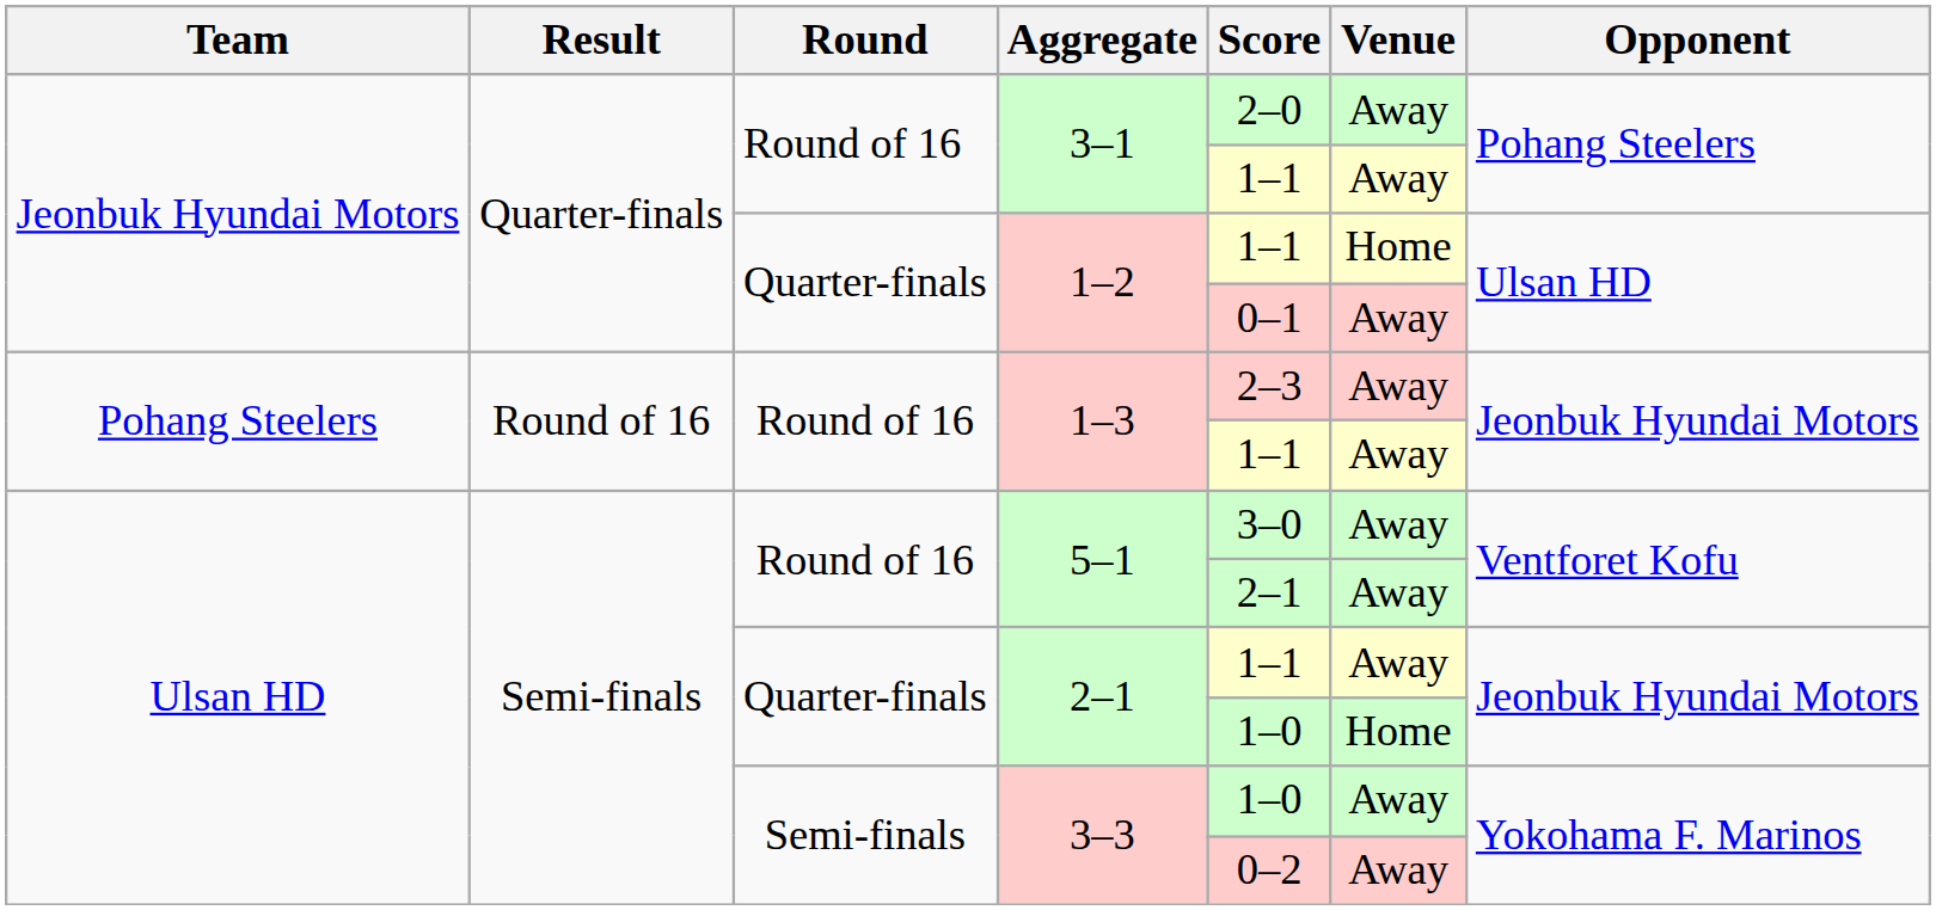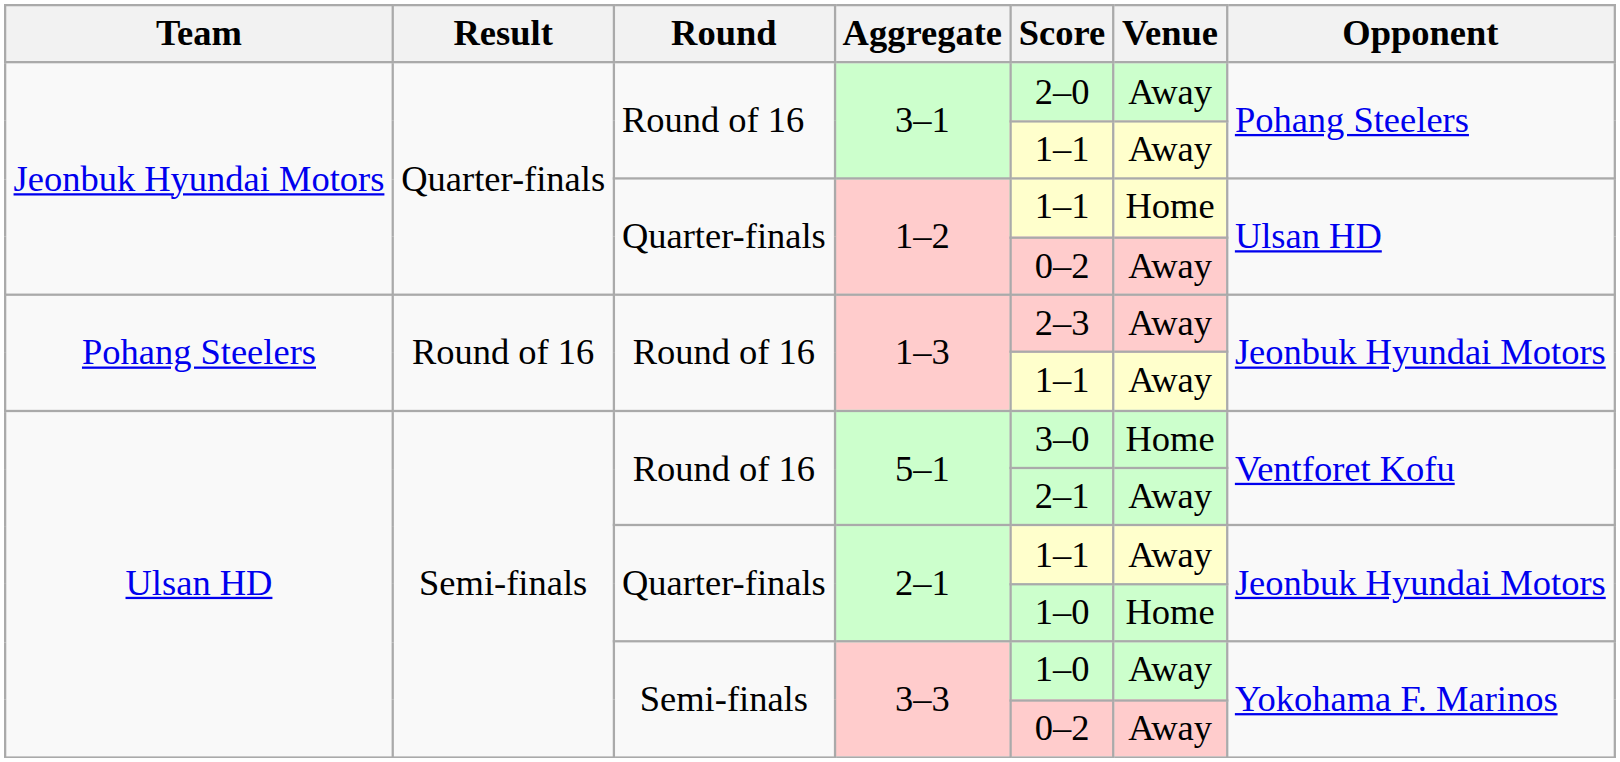 <table class="wikitable" style="text-align:center;">
 <tr>
 <th>Team</th>
 <th>Result</th>
 <th>Round</th>
 <th>Aggregate</th>
 <th>Score</th>
 <th>Venue</th>
 <th>Opponent</th>
 </tr>
 <tr>
 <td rowspan="4"><a href='#'>Jeonbuk Hyundai Motors</a></td>
 <td rowspan="4">Quarter-finals</td>
 <td rowspan="2" align="left">Round of 16</td>
 <td rowspan="2" bgcolor="#cfc">3–1</td>
 <td bgcolor="#cfc">2–0</td>
 <td bgcolor="#cfc">Away</td>
 <td rowspan="2" align="left"> <a href='#'>Pohang Steelers</a></td>
 </tr>
 <tr>
 <td bgcolor="#ffc">1–1</td>
 <td bgcolor="#ffc">Away</td>
 </tr>
 <tr>
 <td rowspan="2" align="left">Quarter-finals</td>
 <td rowspan="2" bgcolor="#fcc">1–2</td>
 <td bgcolor="#ffc">1–1</td>
 <td bgcolor="#ffc">Home</td>
 <td rowspan="2" align="left"> <a href='#'>Ulsan HD</a></td>
 </tr>
 <tr>
-<td bgcolor="#fcc">0–1</td>
+<td bgcolor="#fcc">0–2</td>
 <td bgcolor="#fcc">Away</td>
 </tr>
 <tr>
 <td rowspan="2"><a href='#'>Pohang Steelers</a></td>
 <td rowspan="2">Round of 16</td>
 <td rowspan="2">Round of 16</td>
 <td rowspan="2" bgcolor="#fcc">1–3</td>
 <td bgcolor="#fcc">2–3 </td>
 <td bgcolor="#fcc">Away</td>
 <td rowspan="2" align="left"> <a href='#'>Jeonbuk Hyundai Motors</a></td>
 </tr>
 <tr>
 <td bgcolor="#ffc">1–1</td>
 <td bgcolor="#ffc">Away</td>
 </tr>
 <tr>
 <td rowspan="6"><a href='#'>Ulsan HD</a></td>
 <td rowspan="6">Semi-finals</td>
 <td rowspan="2">Round of 16</td>
 <td rowspan="2" bgcolor="#cfc">5–1</td>
 <td bgcolor="#cfc">3–0</td>
-<td bgcolor="#cfc">Away</td>
+<td bgcolor="#cfc">Home</td>
 <td rowspan="2" align="left"> <a href='#'>Ventforet Kofu</a></td>
 </tr>
 <tr>
 <td bgcolor="#cfc">2–1</td>
 <td bgcolor="#cfc">Away</td>
 </tr>
 <tr>
 <td rowspan="2">Quarter-finals</td>
 <td rowspan="2" bgcolor="#cfc">2–1</td>
 <td bgcolor="#ffc">1–1</td>
 <td bgcolor="#ffc">Away</td>
 <td rowspan="2" align="left"> <a href='#'>Jeonbuk Hyundai Motors</a></td>
 </tr>
 <tr>
 <td bgcolor="#cfc">1–0</td>
 <td bgcolor="#cfc">Home</td>
 </tr>
 <tr>
 <td rowspan="2">Semi-finals</td>
 <td rowspan="2" bgcolor="#fcc">3–3 </td>
 <td bgcolor="#cfc">1–0</td>
 <td bgcolor="#cfc">Away</td>
 <td rowspan="2" align="left"> <a href='#'>Yokohama F. Marinos</a></td>
 </tr>
 <tr>
 <td bgcolor="#fcc">0–2</td>
 <td bgcolor="#fcc">Away</td>
 </tr>
 </table>
